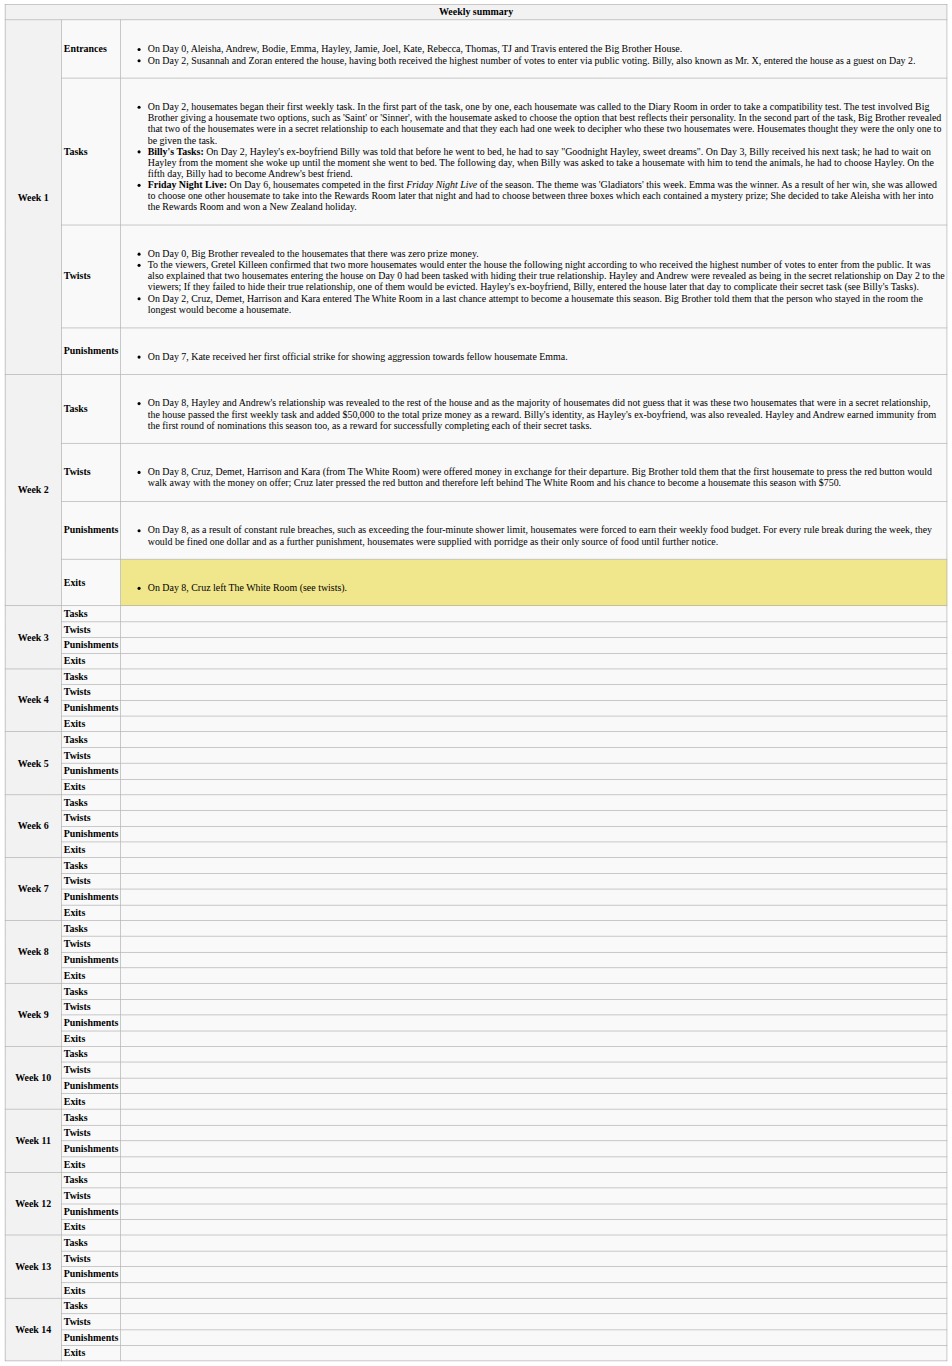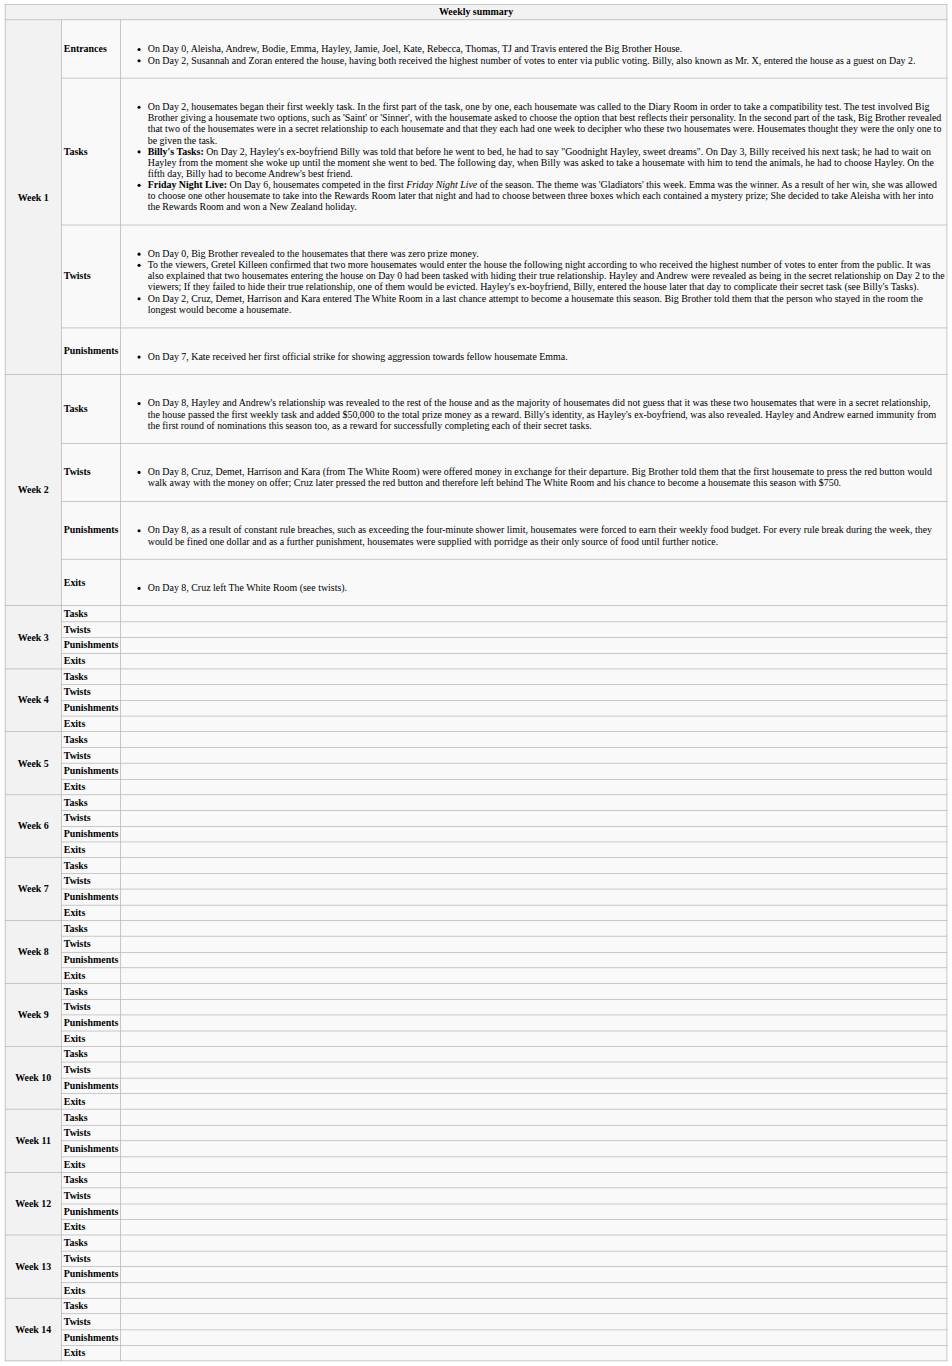 <table class="wikitable" style="width: 96%; margin-left: auto; margin-right: auto;">
 <tr>
 <th colspan=4 style="text-align: center">Weekly summary</th>
 </tr>
 <tr>
 <th rowspan=4 style="width: 6%;">Week 1</th>
 <td><strong>Entrances</strong></td>
 <td><br><ul><li>On Day 0, Aleisha, Andrew, Bodie, Emma, Hayley, Jamie, Joel, Kate, Rebecca, Thomas, TJ and Travis entered the Big Brother House.</li><li>On Day 2, Susannah and Zoran entered the house, having both received the highest number of votes to enter via public voting. Billy, also known as Mr. X, entered the house as a guest on Day 2.</li></ul></td>
 </tr>
 <tr>
 <td><strong>Tasks</strong></td>
 <td><br><ul><li>On Day 2, housemates began their first weekly task. In the first part of the task, one by one, each housemate was called to the Diary Room in order to take a compatibility test. The test involved Big Brother giving a housemate two options, such as 'Saint' or 'Sinner', with the housemate asked to choose the option that best reflects their personality. In the second part of the task, Big Brother revealed that two of the housemates were in a secret relationship to each housemate and that they each had one week to decipher who these two housemates were. Housemates thought they were the only one to be given the task.</li><li><strong>Billy's Tasks:</strong> On Day 2, Hayley's ex-boyfriend Billy was told that before he went to bed, he had to say "Goodnight Hayley, sweet dreams". On Day 3, Billy received his next task; he had to wait on Hayley from the moment she woke up until the moment she went to bed. The following day, when Billy was asked to take a housemate with him to tend the animals, he had to choose Hayley. On the fifth day, Billy had to become Andrew's best friend.</li><li><strong>Friday Night Live:</strong> On Day 6, housemates competed in the first <em>Friday Night Live</em> of the season. The theme was 'Gladiators' this week. Emma was the winner. As a result of her win, she was allowed to choose one other housemate to take into the Rewards Room later that night and had to choose between three boxes which each contained a mystery prize; She decided to take Aleisha with her into the Rewards Room and won a New Zealand holiday.</li></ul></td>
 </tr>
 <tr>
 <td><strong>Twists</strong></td>
 <td><br><ul><li>On Day 0, Big Brother revealed to the housemates that there was zero prize money.</li><li>To the viewers, Gretel Killeen confirmed that two more housemates would enter the house the following night according to who received the highest number of votes to enter from the public. It was also explained that two housemates entering the house on Day 0 had been tasked with hiding their true relationship. Hayley and Andrew were revealed as being in the secret relationship on Day 2 to the viewers; If they failed to hide their true relationship, one of them would be evicted. Hayley's ex-boyfriend, Billy, entered the house later that day to complicate their secret task (see Billy's Tasks).</li><li>On Day 2, Cruz, Demet, Harrison and Kara entered The White Room in a last chance attempt to become a housemate this season. Big Brother told them that the person who stayed in the room the longest would become a housemate.</li></ul></td>
 </tr>
 <tr>
 <td><strong>Punishments</strong></td>
 <td><br><ul><li>On Day 7, Kate received her first official strike for showing aggression towards fellow housemate Emma.</li></ul></td>
 </tr>
 <tr>
 <th rowspan=4 style="width: 6%;">Week 2</th>
 <td><strong>Tasks</strong></td>
 <td><br><ul><li>On Day 8, Hayley and Andrew's relationship was revealed to the rest of the house and as the majority of housemates did not guess that it was these two housemates that were in a secret relationship, the house passed the first weekly task and added $50,000 to the total prize money as a reward. Billy's identity, as Hayley's ex-boyfriend, was also revealed. Hayley and Andrew earned immunity from the first round of nominations this season too, as a reward for successfully completing each of their secret tasks.</li></ul></td>
 </tr>
 <tr>
 <td><strong>Twists</strong></td>
 <td><br><ul><li>On Day 8, Cruz, Demet, Harrison and Kara (from The White Room) were offered money in exchange for their departure. Big Brother told them that the first housemate to press the red button would walk away with the money on offer; Cruz later pressed the red button and therefore left behind The White Room and his chance to become a housemate this season with $750.</li></ul></td>
 </tr>
 <tr>
 <td><strong>Punishments</strong></td>
 <td><br><ul><li>On Day 8, as a result of constant rule breaches, such as exceeding the four-minute shower limit, housemates were forced to earn their weekly food budget. For every rule break during the week, they would be fined one dollar and as a further punishment, housemates were supplied with porridge as their only source of food until further notice.</li></ul></td>
 </tr>
 <tr>
 <td><strong>Exits</strong></td>
-<td style="background: khaki;"><br><ul><li>On Day 8, Cruz left The White Room (see twists).</li></ul></td>
+<td><br><ul><li>On Day 8, Cruz left The White Room (see twists).</li></ul></td>
 </tr>
 <tr>
 <th rowspan=4 style="width: 6%;">Week 3</th>
 <td><strong>Tasks</strong></td>
 <td></td>
 </tr>
 <tr>
 <td><strong>Twists</strong></td>
 <td></td>
 </tr>
 <tr>
 <td><strong>Punishments</strong></td>
 <td></td>
 </tr>
 <tr>
 <td><strong>Exits</strong></td>
 <td></td>
 </tr>
 <tr>
 <th rowspan=4 style="width: 6%;">Week 4</th>
 <td><strong>Tasks</strong></td>
 <td></td>
 </tr>
 <tr>
 <td><strong>Twists</strong></td>
 <td></td>
 </tr>
 <tr>
 <td><strong>Punishments</strong></td>
 <td></td>
 </tr>
 <tr>
 <td><strong>Exits</strong></td>
 <td></td>
 </tr>
 <tr>
 <th rowspan=4 style="width: 6%;">Week 5</th>
 <td><strong>Tasks</strong></td>
 <td></td>
 </tr>
 <tr>
 <td><strong>Twists</strong></td>
 <td></td>
 </tr>
 <tr>
 <td><strong>Punishments</strong></td>
 <td></td>
 </tr>
 <tr>
 <td><strong>Exits</strong></td>
 <td></td>
 </tr>
 <tr>
 <th rowspan=4 style="width: 6%;">Week 6</th>
 <td><strong>Tasks</strong></td>
 <td></td>
 </tr>
 <tr>
 <td><strong>Twists</strong></td>
 <td></td>
 </tr>
 <tr>
 <td><strong>Punishments</strong></td>
 <td></td>
 </tr>
 <tr>
 <td><strong>Exits</strong></td>
 <td></td>
 </tr>
 <tr>
 <th rowspan=4 style="width: 6%;">Week 7</th>
 <td><strong>Tasks</strong></td>
 <td></td>
 </tr>
 <tr>
 <td><strong>Twists</strong></td>
 <td></td>
 </tr>
 <tr>
 <td><strong>Punishments</strong></td>
 <td></td>
 </tr>
 <tr>
 <td><strong>Exits</strong></td>
 <td></td>
 </tr>
 <tr>
 <th rowspan=4 style="width: 6%;">Week 8</th>
 <td><strong>Tasks</strong></td>
 <td></td>
 </tr>
 <tr>
 <td><strong>Twists</strong></td>
 <td></td>
 </tr>
 <tr>
 <td><strong>Punishments</strong></td>
 <td></td>
 </tr>
 <tr>
 <td><strong>Exits</strong></td>
 <td></td>
 </tr>
 <tr>
 <th rowspan=4 style="width: 6%;">Week 9</th>
 <td><strong>Tasks</strong></td>
 <td></td>
 </tr>
 <tr>
 <td><strong>Twists</strong></td>
 <td></td>
 </tr>
 <tr>
 <td><strong>Punishments</strong></td>
 <td></td>
 </tr>
 <tr>
 <td><strong>Exits</strong></td>
 <td></td>
 </tr>
 <tr>
 <th rowspan=4 style="width: 6%;">Week 10</th>
 <td><strong>Tasks</strong></td>
 <td></td>
 </tr>
 <tr>
 <td><strong>Twists</strong></td>
 <td></td>
 </tr>
 <tr>
 <td><strong>Punishments</strong></td>
 <td></td>
 </tr>
 <tr>
 <td><strong>Exits</strong></td>
 <td></td>
 </tr>
 <tr>
 <th rowspan=4 style="width: 6%;">Week 11</th>
 <td><strong>Tasks</strong></td>
 <td></td>
 </tr>
 <tr>
 <td><strong>Twists</strong></td>
 <td></td>
 </tr>
 <tr>
 <td><strong>Punishments</strong></td>
 <td></td>
 </tr>
 <tr>
 <td><strong>Exits</strong></td>
 <td></td>
 </tr>
 <tr>
 <th rowspan=4 style="width: 6%;">Week 12</th>
 <td><strong>Tasks</strong></td>
 <td></td>
 </tr>
 <tr>
 <td><strong>Twists</strong></td>
 <td></td>
 </tr>
 <tr>
 <td><strong>Punishments</strong></td>
 <td></td>
 </tr>
 <tr>
 <td><strong>Exits</strong></td>
 <td></td>
 </tr>
 <tr>
 <th rowspan=4 style="width: 6%;">Week 13</th>
 <td><strong>Tasks</strong></td>
 <td></td>
 </tr>
 <tr>
 <td><strong>Twists</strong></td>
 <td></td>
 </tr>
 <tr>
 <td><strong>Punishments</strong></td>
 <td></td>
 </tr>
 <tr>
 <td><strong>Exits</strong></td>
 <td></td>
 </tr>
 <tr>
 <th rowspan=4 style="width: 6%;">Week 14</th>
 <td><strong>Tasks</strong></td>
 <td></td>
 </tr>
 <tr>
 <td><strong>Twists</strong></td>
 <td></td>
 </tr>
 <tr>
 <td><strong>Punishments</strong></td>
 <td></td>
 </tr>
 <tr>
 <td><strong>Exits</strong></td>
 <td></td>
 </tr>
 </table>
